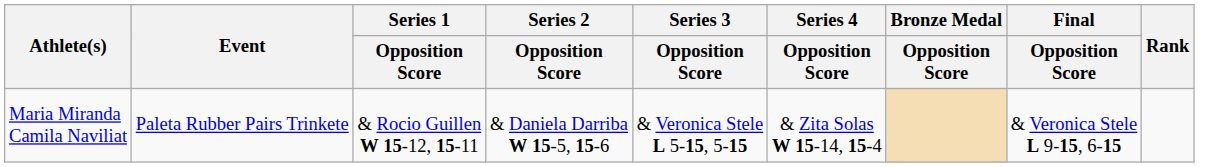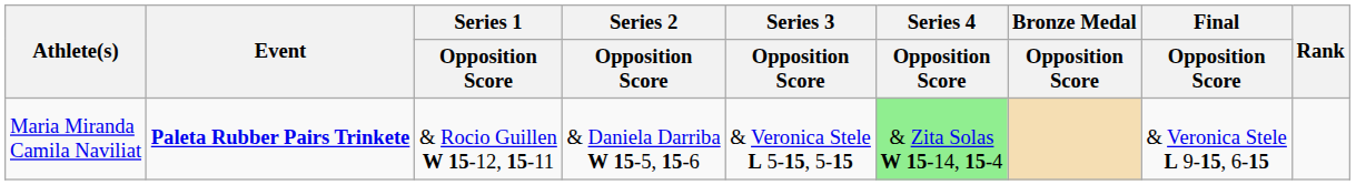 <table class="wikitable" style="font-size:90%">
 <tr>
 <th rowspan="2">Athlete(s)</th>
 <th rowspan="2">Event</th>
 <th>Series 1</th>
 <th>Series 2</th>
 <th>Series 3</th>
 <th>Series 4</th>
 <th>Bronze Medal</th>
 <th>Final</th>
 <th rowspan="2">Rank</th>
 </tr>
 <tr>
 <th>Opposition <br> Score</th>
 <th>Opposition <br> Score</th>
 <th>Opposition <br> Score</th>
 <th>Opposition <br> Score</th>
 <th>Opposition <br> Score</th>
 <th>Opposition <br> Score</th>
 </tr>
 <tr>
 <td><a href='#'>Maria Miranda</a><br><a href='#'>Camila Naviliat</a></td>
-<td><a href='#'>Paleta Rubber Pairs Trinkete</a></td>
+<td><strong><a href='#'>Paleta Rubber Pairs Trinkete</a></strong></td>
 <td align=center> <br> & <a href='#'>Rocio Guillen</a><br><strong>W</strong> <strong>15</strong>-12, <strong>15</strong>-11</td>
 <td align=center> <br> & <a href='#'>Daniela Darriba</a><br><strong>W</strong> <strong>15</strong>-5, <strong>15</strong>-6</td>
 <td align=center> <br> & <a href='#'>Veronica Stele</a><br><strong>L</strong> 5-<strong>15</strong>, 5-<strong>15</strong></td>
-<td align=center> <br> & <a href='#'>Zita Solas</a><br><strong>W</strong> <strong>15</strong>-14, <strong>15</strong>-4</td>
+<td align=center style="background: lightgreen;"> <br> & <a href='#'>Zita Solas</a><br><strong>W</strong> <strong>15</strong>-14, <strong>15</strong>-4</td>
 <td align=center bgcolor=wheat></td>
 <td align=center> <br> & <a href='#'>Veronica Stele</a><br><strong>L</strong> 9-<strong>15</strong>, 6-<strong>15</strong><br></td>
 </tr>
 </table>
